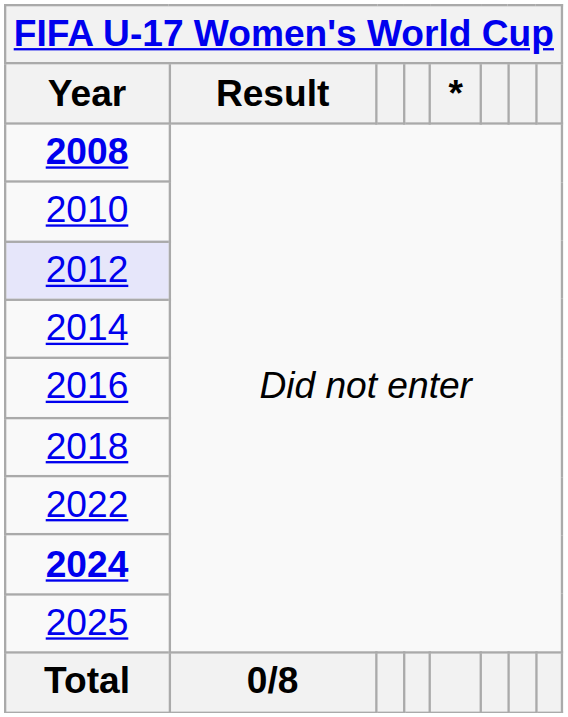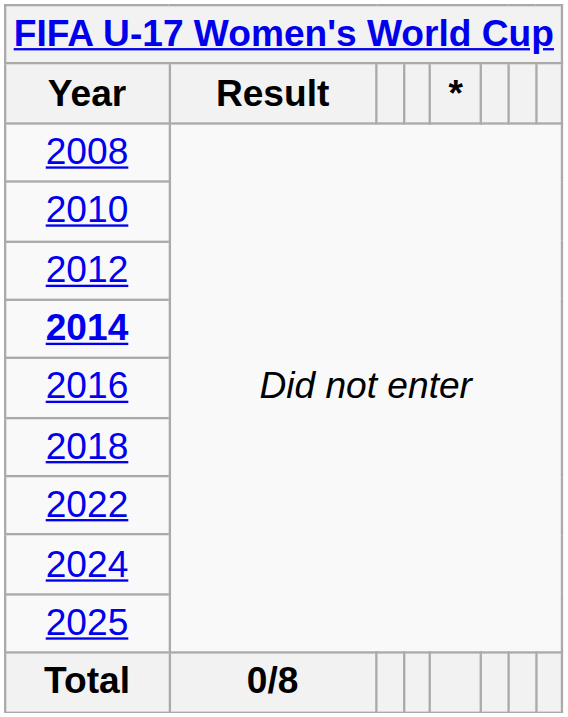 <table class="wikitable" style="text-align: center;">
 <tr>
 <th colspan=9><a href='#'>FIFA U-17 Women's World Cup</a></th>
 </tr>
 <tr>
 <th>Year</th>
 <th>Result</th>
 <th></th>
 <th></th>
 <th> *</th>
 <th></th>
 <th></th>
 <th></th>
 </tr>
 <tr>
-<td><strong> <a href='#'>2008</a></strong></td>
+<td> <a href='#'>2008</a></td>
 <td rowspan=9 colspan=8><em>Did not enter</em></td>
 </tr>
 <tr>
 <td> <a href='#'>2010</a></td>
 </tr>
 <tr>
-<td style="background: lavender;"> <a href='#'>2012</a></td>
+<td> <a href='#'>2012</a></td>
 </tr>
 <tr>
-<td> <a href='#'>2014</a></td>
+<td><strong> <a href='#'>2014</a></strong></td>
 </tr>
 <tr>
 <td> <a href='#'>2016</a></td>
 </tr>
 <tr>
 <td> <a href='#'>2018</a></td>
 </tr>
 <tr>
 <td> <a href='#'>2022</a></td>
 </tr>
 <tr>
-<td><strong> <a href='#'>2024</a></strong></td>
+<td> <a href='#'>2024</a></td>
 </tr>
 <tr>
 <td> <a href='#'>2025</a></td>
 </tr>
 <tr>
 <th>Total</th>
 <th>0/8</th>
 <th></th>
 <th></th>
 <th></th>
 <th></th>
 <th></th>
 <th></th>
 </tr>
 </table>
